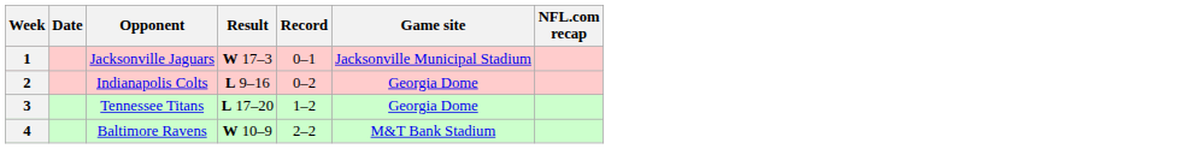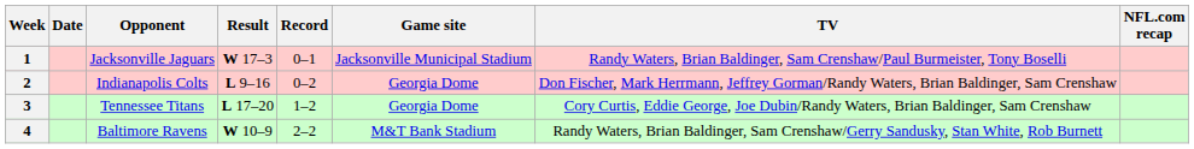 <table class="wikitable" style="text-align:center">
 <tr>
 <th>Week</th>
 <th>Date</th>
 <th>Opponent</th>
 <th>Result</th>
 <th>Record</th>
 <th>Game site</th>
+<th>TV</th>
 <th>NFL.com<br>recap</th>
 </tr>
 <tr style="background: #fcc">
 <th align=center colspan="1">1</th>
 <td></td>
 <td><a href='#'>Jacksonville Jaguars</a></td>
 <td><strong>W</strong> 17–3</td>
 <td>0–1</td>
 <td><a href='#'>Jacksonville Municipal Stadium</a></td>
+<td><a href='#'>Randy Waters</a>, <a href='#'>Brian Baldinger</a>, <a href='#'>Sam Crenshaw</a>/<a href='#'>Paul Burmeister</a>, <a href='#'>Tony Boselli</a></td>
 <td align=center colspan="1"></td>
 </tr>
 <tr style="background: #fcc">
 <th align=center colspan="1">2</th>
 <td></td>
 <td><a href='#'>Indianapolis Colts</a></td>
 <td><strong>L</strong> 9–16</td>
 <td>0–2</td>
 <td><a href='#'>Georgia Dome</a></td>
+<td><a href='#'>Don Fischer</a>, <a href='#'>Mark Herrmann</a>, <a href='#'>Jeffrey Gorman</a>/Randy Waters, Brian Baldinger, Sam Crenshaw</td>
 <td 1></td>
 </tr>
 <tr style="background: #cfc;">
 <th align=center colspan="1">3</th>
 <td></td>
 <td><a href='#'>Tennessee Titans</a></td>
 <td><strong>L</strong> 17–20</td>
 <td>1–2</td>
 <td><a href='#'>Georgia Dome</a></td>
+<td><a href='#'>Cory Curtis</a>, <a href='#'>Eddie George</a>, <a href='#'>Joe Dubin</a>/Randy Waters, Brian Baldinger, Sam Crenshaw</td>
 <td align=center colspan="1"></td>
 </tr>
 <tr style="background: #cfc;">
 <th align=center colspan="1">4</th>
 <td></td>
 <td><a href='#'>Baltimore Ravens</a></td>
 <td><strong>W</strong> 10–9</td>
 <td>2–2</td>
 <td><a href='#'>M&T Bank Stadium</a></td>
+<td>Randy Waters, Brian Baldinger, Sam Crenshaw/<a href='#'>Gerry Sandusky</a>, <a href='#'>Stan White</a>, <a href='#'>Rob Burnett</a></td>
 <td align=center colspan="1"></td>
 </tr>
 </table>
